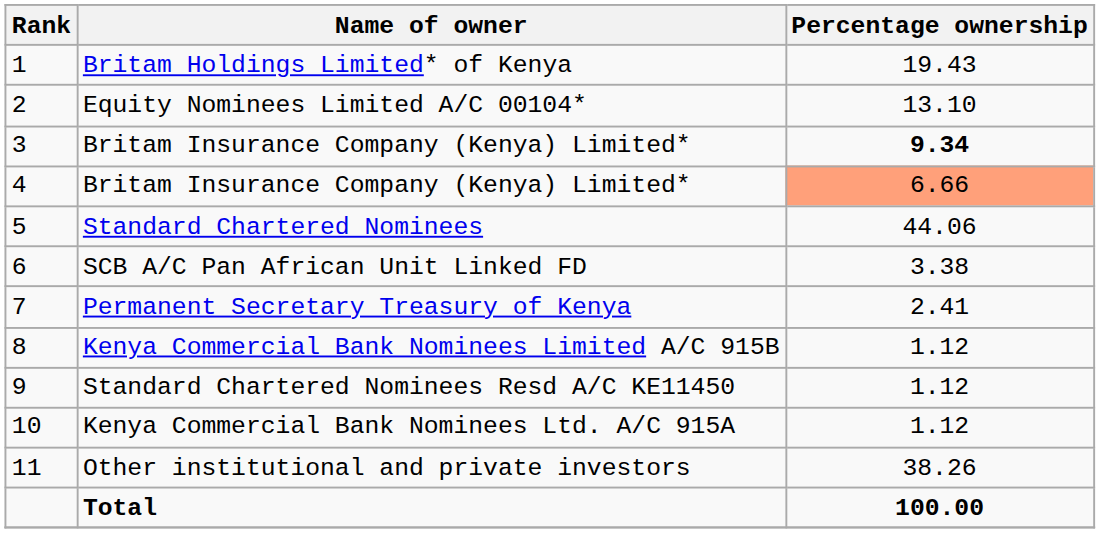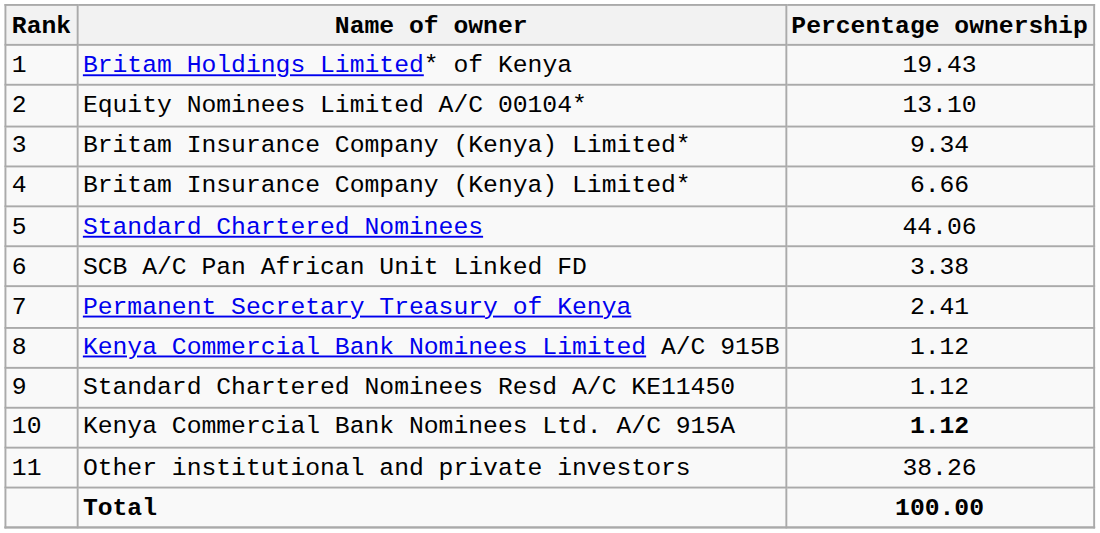 <table class="wikitable sortable" style="margin: 0.5em auto">
 <tr>
 <th>Rank</th>
 <th>Name of owner</th>
 <th>Percentage ownership</th>
 </tr>
 <tr>
 <td>1</td>
 <td><a href='#'>Britam Holdings Limited</a>* of Kenya</td>
 <td style="text-align: center;">19.43</td>
 </tr>
 <tr>
 <td>2</td>
 <td>Equity Nominees Limited A/C 00104*</td>
 <td style="text-align: center;">13.10</td>
 </tr>
 <tr>
 <td>3</td>
 <td>Britam Insurance Company (Kenya) Limited*</td>
-<td style="text-align: center;"><strong>9.34</strong></td>
+<td style="text-align: center;">9.34</td>
 </tr>
 <tr>
 <td>4</td>
 <td>Britam Insurance Company (Kenya) Limited*</td>
-<td style="background: lightsalmon; text-align: center;">6.66</td>
+<td style="text-align: center;">6.66</td>
 </tr>
 <tr>
 <td>5</td>
 <td><a href='#'>Standard Chartered Nominees</a></td>
 <td style="text-align: center;">44.06</td>
 </tr>
 <tr>
 <td>6</td>
 <td>SCB A/C Pan African Unit Linked FD</td>
 <td style="text-align: center;">3.38</td>
 </tr>
 <tr>
 <td>7</td>
 <td><a href='#'>Permanent Secretary Treasury of Kenya</a></td>
 <td style="text-align: center;">2.41</td>
 </tr>
 <tr>
 <td>8</td>
 <td><a href='#'>Kenya Commercial Bank Nominees Limited</a> A/C 915B</td>
 <td style="text-align: center;">1.12</td>
 </tr>
 <tr>
 <td>9</td>
 <td>Standard Chartered Nominees Resd A/C KE11450</td>
 <td style="text-align: center;">1.12</td>
 </tr>
 <tr>
 <td>10</td>
 <td>Kenya Commercial Bank Nominees Ltd. A/C 915A</td>
-<td style="text-align: center;">1.12</td>
+<td style="text-align: center;"><strong>1.12</strong></td>
 </tr>
 <tr>
 <td>11</td>
 <td>Other institutional and private investors</td>
 <td style="text-align: center;">38.26</td>
 </tr>
 <tr>
 <td></td>
 <td><strong>Total</strong></td>
 <td style="text-align: center;"><strong>100.00</strong></td>
 </tr>
 <tr>
 </tr>
 </table>
